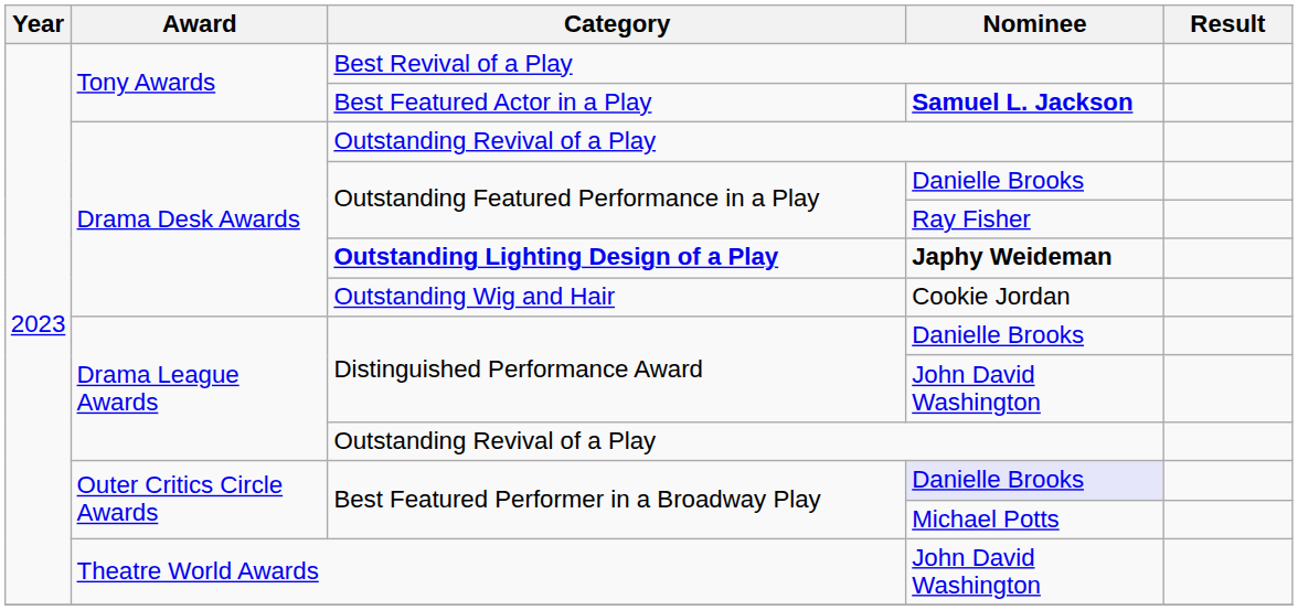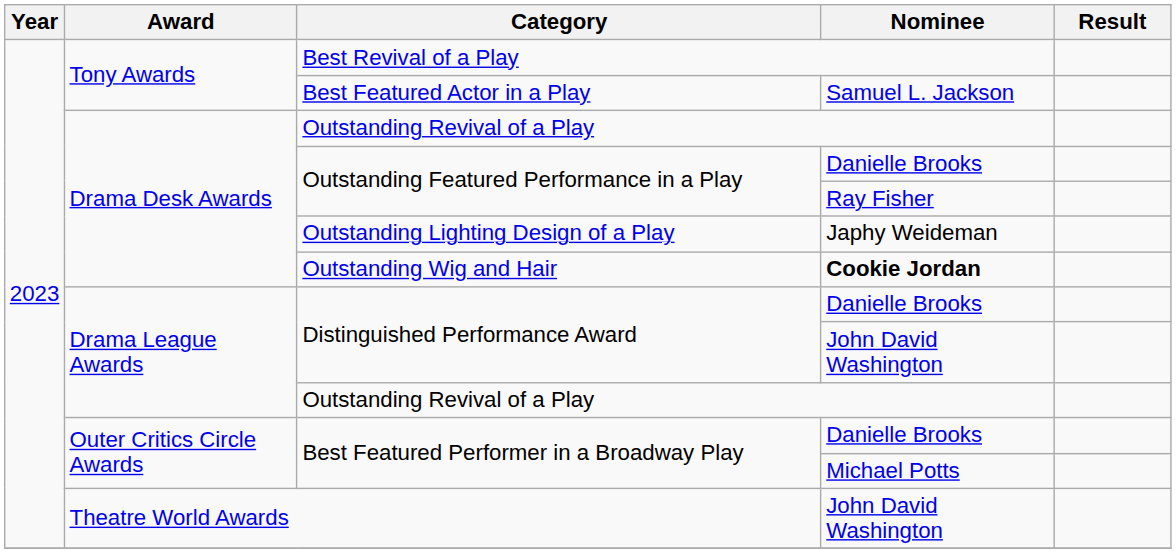 <table class="wikitable" width="95%">
 <tr>
 <th width="5%">Year</th>
 <th width="20%">Award</th>
 <th width="45%">Category</th>
 <th width="20%">Nominee</th>
 <th width="10%">Result</th>
 </tr>
 <tr>
 <td rowspan="13" align="center"><a href='#'>2023</a></td>
 <td rowspan="2"><a href='#'>Tony Awards</a></td>
 <td colspan="2"><a href='#'>Best Revival of a Play</a></td>
 <td></td>
 </tr>
 <tr>
 <td><a href='#'>Best Featured Actor in a Play</a></td>
-<td><strong><a href='#'>Samuel L. Jackson</a></strong></td>
+<td><a href='#'>Samuel L. Jackson</a></td>
 <td></td>
 </tr>
 <tr>
 <td rowspan="5"><a href='#'>Drama Desk Awards</a></td>
 <td colspan="2"><a href='#'>Outstanding Revival of a Play</a></td>
 <td></td>
 </tr>
 <tr>
 <td rowspan="2">Outstanding Featured Performance in a Play</td>
 <td><a href='#'>Danielle Brooks</a></td>
 <td></td>
 </tr>
 <tr>
 <td><a href='#'>Ray Fisher</a></td>
 <td></td>
 </tr>
 <tr>
-<td><strong><a href='#'>Outstanding Lighting Design of a Play</a></strong></td>
-<td><strong>Japhy Weideman</strong></td>
+<td><a href='#'>Outstanding Lighting Design of a Play</a></td>
+<td>Japhy Weideman</td>
 <td></td>
 </tr>
 <tr>
 <td><a href='#'>Outstanding Wig and Hair</a></td>
-<td>Cookie Jordan</td>
+<td><strong>Cookie Jordan</strong></td>
 <td></td>
 </tr>
 <tr>
 <td rowspan="3"><a href='#'>Drama League Awards</a></td>
 <td rowspan="2">Distinguished Performance Award</td>
 <td><a href='#'>Danielle Brooks</a></td>
 <td></td>
 </tr>
 <tr>
 <td><a href='#'>John David Washington</a></td>
 <td></td>
 </tr>
 <tr>
 <td colspan="2">Outstanding Revival of a Play</td>
 <td></td>
 </tr>
 <tr>
 <td rowspan="2"><a href='#'>Outer Critics Circle Awards</a></td>
 <td rowspan="2">Best Featured Performer in a Broadway Play</td>
-<td style="background: lavender;"><a href='#'>Danielle Brooks</a></td>
+<td><a href='#'>Danielle Brooks</a></td>
 <td></td>
 </tr>
 <tr>
 <td><a href='#'>Michael Potts</a></td>
 <td></td>
 </tr>
 <tr>
 <td colspan="2"><a href='#'>Theatre World Awards</a></td>
 <td><a href='#'>John David Washington</a></td>
 <td></td>
 </tr>
 <tr>
 </tr>
 </table>
